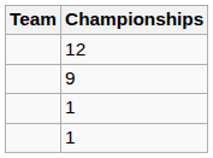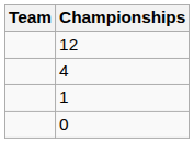 <table class="wikitable">
 <tr>
 <th>Team</th>
 <th>Championships</th>
 </tr>
 <tr>
 <td></td>
 <td>12</td>
 </tr>
 <tr>
 <td></td>
-<td>9</td>
+<td>4</td>
 </tr>
 <tr>
 <td></td>
 <td>1</td>
 </tr>
 <tr>
 <td></td>
-<td>1</td>
+<td>0</td>
 </tr>
 </table>
